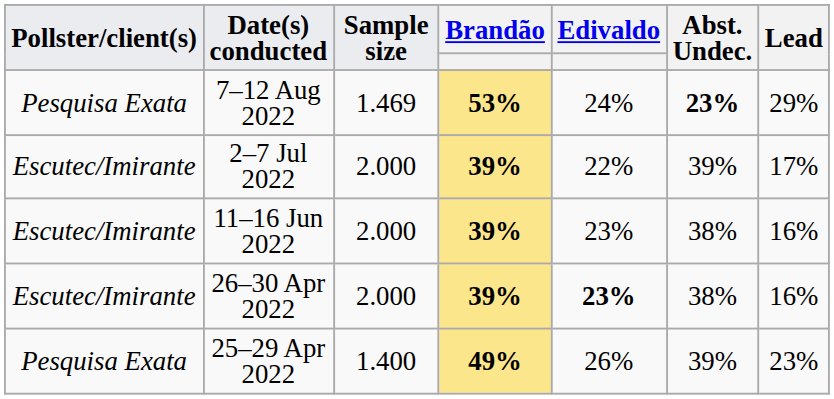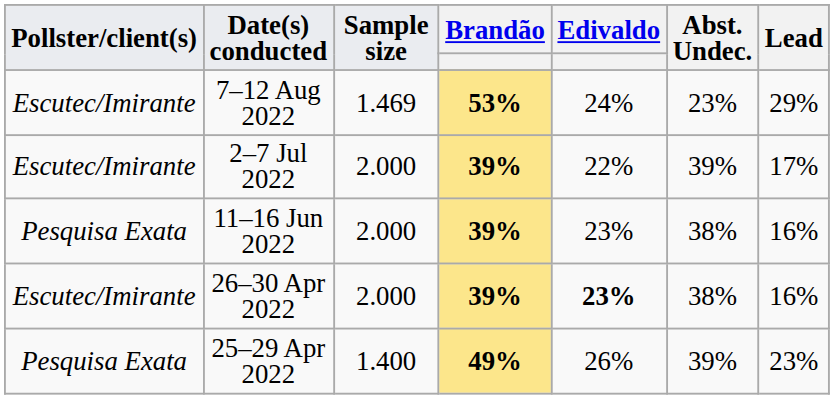 <table class="wikitable sortable" style="text-align:center;font-size:90%;line-height:14px;">
 <tr>
 <td rowspan="2" class="unsortable" style="width:50px;background:#eaecf0;"><strong>Pollster/client(s)</strong></td>
 <td rowspan="2" class="unsortable" style="width:50px;background:#eaecf0;"><strong>Date(s) <br>conducted</strong></td>
 <td rowspan="2" class="unsortable" style="width:50px;background:#eaecf0;"><strong>Sample <br>size</strong></td>
 <th class="unsortable" style="width:50px;"><a href='#'>Brandão</a><br></th>
 <th class="unsortable" style="width:50px;"><a href='#'>Edivaldo</a><br></th>
 <th rowspan="2">Abst.<br>Undec.</th>
 <th rowspan="2" class="unsortable">Lead</th>
 </tr>
 <tr>
 <th style="background:"></th>
 <th style="background:"></th>
 </tr>
 <tr>
-<td><em>Pesquisa Exata</em></td>
+<td><em>Escutec/Imirante</em></td>
 <td>7–12 Aug 2022</td>
 <td>1.469</td>
 <td style="background:#fce68b;"><strong>53%</strong></td>
 <td>24%</td>
-<td><strong>23%</strong></td>
+<td>23%</td>
 <td style="background:">29%</td>
 </tr>
 <tr>
 <td><em>Escutec/Imirante</em></td>
 <td>2–7 Jul 2022</td>
 <td>2.000</td>
 <td style="background:#fce68b;"><strong>39%</strong></td>
 <td>22%</td>
 <td>39%</td>
 <td style="background:">17%</td>
 </tr>
 <tr>
-<td><em>Escutec/Imirante</em></td>
+<td><em>Pesquisa Exata</em></td>
 <td>11–16 Jun 2022</td>
 <td>2.000</td>
 <td style="background:#fce68b;"><strong>39%</strong></td>
 <td>23%</td>
 <td>38%</td>
 <td style="background:">16%</td>
 </tr>
 <tr>
 <td><em>Escutec/Imirante</em></td>
 <td>26–30 Apr 2022</td>
 <td>2.000</td>
 <td style="background:#fce68b;"><strong>39%</strong></td>
 <td><strong>23%</strong></td>
 <td>38%</td>
 <td style="background:">16%</td>
 </tr>
 <tr>
 <td><em>Pesquisa Exata</em></td>
 <td>25–29 Apr 2022</td>
 <td>1.400</td>
 <td style="background:#fce68b;"><strong>49%</strong></td>
 <td>26%</td>
 <td>39%</td>
 <td style="background:">23%</td>
 </tr>
 </table>
